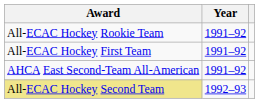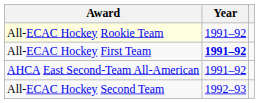 <table class="wikitable">
 <tr>
 <th>Award</th>
 <th>Year</th>
 <th></th>
 </tr>
 <tr>
-<td>All-<a href='#'>ECAC Hockey</a> <a href='#'>Rookie Team</a></td>
+<td style="background: lightyellow;">All-<a href='#'>ECAC Hockey</a> <a href='#'>Rookie Team</a></td>
 <td><a href='#'>1991–92</a></td>
 <td></td>
 </tr>
 <tr>
 <td>All-<a href='#'>ECAC Hockey</a> <a href='#'>First Team</a></td>
-<td><a href='#'>1991–92</a></td>
+<td><strong><a href='#'>1991–92</a></strong></td>
 <td></td>
 </tr>
 <tr>
 <td><a href='#'>AHCA</a> <a href='#'>East Second-Team All-American</a></td>
 <td><a href='#'>1991–92</a></td>
 <td></td>
 </tr>
 <tr>
-<td style="background: khaki;">All-<a href='#'>ECAC Hockey</a> <a href='#'>Second Team</a></td>
+<td>All-<a href='#'>ECAC Hockey</a> <a href='#'>Second Team</a></td>
 <td><a href='#'>1992–93</a></td>
 <td></td>
 </tr>
 </table>
